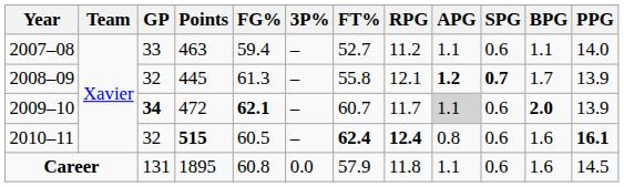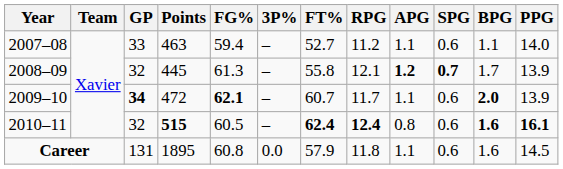 <table class="wikitable sortable">
 <tr>
 <th>Year</th>
 <th>Team</th>
 <th>GP</th>
 <th>Points</th>
 <th>FG%</th>
 <th>3P%</th>
 <th>FT%</th>
 <th>RPG</th>
 <th>APG</th>
 <th>SPG</th>
 <th>BPG</th>
 <th>PPG</th>
 </tr>
 <tr>
 <td>2007–08</td>
 <td rowspan=4><a href='#'>Xavier</a></td>
 <td>33</td>
 <td>463</td>
 <td>59.4</td>
 <td>–</td>
 <td>52.7</td>
 <td>11.2</td>
 <td>1.1</td>
 <td>0.6</td>
 <td>1.1</td>
 <td>14.0</td>
 </tr>
 <tr>
 <td>2008–09</td>
 <td>32</td>
 <td>445</td>
 <td>61.3</td>
 <td>–</td>
 <td>55.8</td>
 <td>12.1</td>
 <td><strong>1.2</strong></td>
 <td><strong>0.7</strong></td>
 <td>1.7</td>
 <td>13.9</td>
 </tr>
 <tr>
 <td>2009–10</td>
 <td><strong>34</strong></td>
 <td>472</td>
 <td><strong>62.1</strong></td>
 <td>–</td>
 <td>60.7</td>
 <td>11.7</td>
-<td style="background: lightgrey;">1.1</td>
+<td>1.1</td>
 <td>0.6</td>
 <td><strong>2.0</strong></td>
 <td>13.9</td>
 </tr>
 <tr>
 <td>2010–11</td>
 <td>32</td>
 <td><strong>515</strong></td>
 <td>60.5</td>
 <td>–</td>
 <td><strong>62.4</strong></td>
 <td><strong>12.4</strong></td>
 <td>0.8</td>
 <td>0.6</td>
-<td>1.6</td>
+<td><strong>1.6</strong></td>
 <td><strong>16.1</strong></td>
 </tr>
 <tr class="sortbottom">
 <td colspan=2 align=center><strong>Career</strong></td>
 <td>131</td>
 <td>1895</td>
 <td>60.8</td>
 <td>0.0</td>
 <td>57.9</td>
 <td>11.8</td>
 <td>1.1</td>
 <td>0.6</td>
 <td>1.6</td>
 <td>14.5</td>
 </tr>
 </table>
